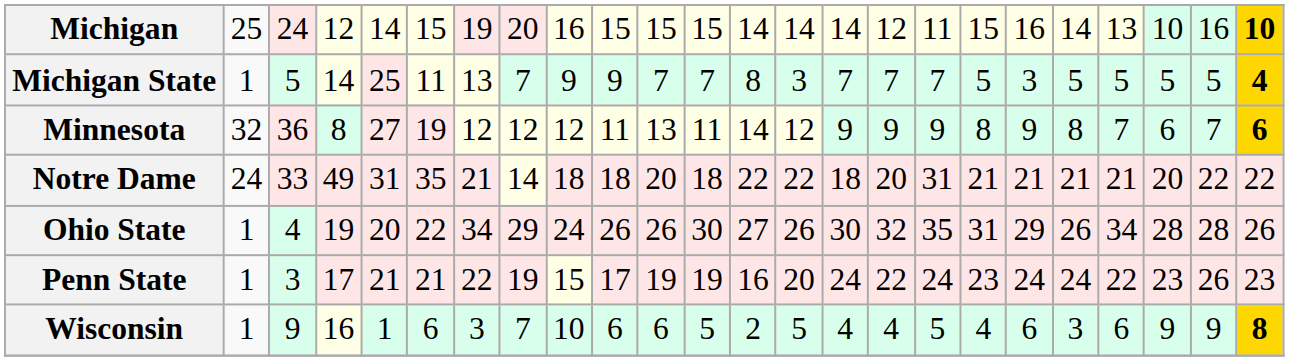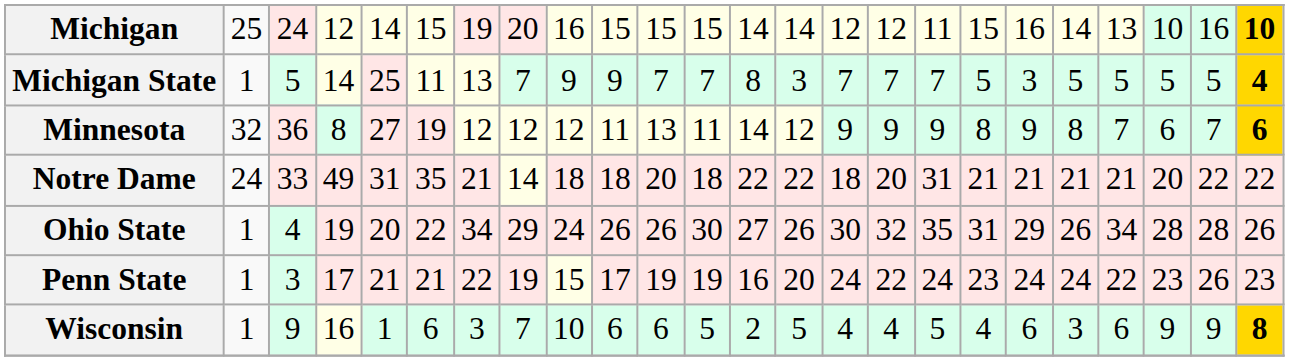 <table class="wikitable sortable" style="text-align: center;">
 <tr>
 </tr>
 <tr>
 <th>Michigan</th>
 <td>25</td>
 <td bgcolor=FFE6E6>24</td>
 <td bgcolor=FFFFE6>12</td>
 <td bgcolor=FFFFE6>14</td>
 <td bgcolor=FFFFE6>15</td>
 <td bgcolor=FFE6E6>19</td>
 <td bgcolor=FFE6E6>20</td>
 <td bgcolor=FFFFE6>16</td>
 <td bgcolor=FFFFE6>15</td>
 <td bgcolor=FFFFE6>15</td>
 <td bgcolor=FFFFE6>15</td>
 <td bgcolor=FFFFE6>14</td>
 <td bgcolor=FFFFE6>14</td>
-<td bgcolor=FFFFE6>14</td>
+<td bgcolor=FFFFE6>12</td>
 <td bgcolor=FFFFE6>12</td>
 <td bgcolor=FFFFE6>11</td>
 <td bgcolor=FFFFE6>15</td>
 <td bgcolor=FFFFE6>16</td>
 <td bgcolor=FFFFE6>14</td>
 <td bgcolor=FFFFE6>13</td>
 <td bgcolor=D8FFEB>10</td>
 <td bgcolor=D8FFEB>16</td>
 <td bgcolor=gold><strong>10</strong></td>
 </tr>
 <tr>
 <th>Michigan State</th>
 <td>1</td>
 <td bgcolor=D8FFEB>5</td>
 <td bgcolor=FFFFE6>14</td>
 <td bgcolor=FFE6E6>25</td>
 <td bgcolor=FFFFE6>11</td>
 <td bgcolor=FFFFE6>13</td>
 <td bgcolor=D8FFEB>7</td>
 <td bgcolor=D8FFEB>9</td>
 <td bgcolor=D8FFEB>9</td>
 <td bgcolor=D8FFEB>7</td>
 <td bgcolor=D8FFEB>7</td>
 <td bgcolor=D8FFEB>8</td>
 <td bgcolor=D8FFEB>3</td>
 <td bgcolor=D8FFEB>7</td>
 <td bgcolor=D8FFEB>7</td>
 <td bgcolor=D8FFEB>7</td>
 <td bgcolor=D8FFEB>5</td>
 <td bgcolor=D8FFEB>3</td>
 <td bgcolor=D8FFEB>5</td>
 <td bgcolor=D8FFEB>5</td>
 <td bgcolor=D8FFEB>5</td>
 <td bgcolor=D8FFEB>5</td>
 <td bgcolor=gold><strong>4</strong></td>
 </tr>
 <tr>
 <th>Minnesota</th>
 <td>32</td>
 <td bgcolor=FFE6E6>36</td>
 <td bgcolor=D8FFEB>8</td>
 <td bgcolor=FFE6E6>27</td>
 <td bgcolor=FFE6E6>19</td>
 <td bgcolor=FFFFE6>12</td>
 <td bgcolor=FFFFE6>12</td>
 <td bgcolor=FFFFE6>12</td>
 <td bgcolor=FFFFE6>11</td>
 <td bgcolor=FFFFE6>13</td>
 <td bgcolor=FFFFE6>11</td>
 <td bgcolor=FFFFE6>14</td>
 <td bgcolor=FFFFE6>12</td>
 <td bgcolor=D8FFEB>9</td>
 <td bgcolor=D8FFEB>9</td>
 <td bgcolor=D8FFEB>9</td>
 <td bgcolor=D8FFEB>8</td>
 <td bgcolor=D8FFEB>9</td>
 <td bgcolor=D8FFEB>8</td>
 <td bgcolor=D8FFEB>7</td>
 <td bgcolor=D8FFEB>6</td>
 <td bgcolor=D8FFEB>7</td>
 <td bgcolor=gold><strong>6</strong></td>
 </tr>
 <tr>
 <th>Notre Dame</th>
 <td>24</td>
 <td bgcolor=FFE6E6>33</td>
 <td bgcolor=FFE6E6>49</td>
 <td bgcolor=FFE6E6>31</td>
 <td bgcolor=FFE6E6>35</td>
 <td bgcolor=FFE6E6>21</td>
 <td bgcolor=FFFFE6>14</td>
 <td bgcolor=FFE6E6>18</td>
 <td bgcolor=FFE6E6>18</td>
 <td bgcolor=FFE6E6>20</td>
 <td bgcolor=FFE6E6>18</td>
 <td bgcolor=FFE6E6>22</td>
 <td bgcolor=FFE6E6>22</td>
 <td bgcolor=FFE6E6>18</td>
 <td bgcolor=FFE6E6>20</td>
 <td bgcolor=FFE6E6>31</td>
 <td bgcolor=FFE6E6>21</td>
 <td bgcolor=FFE6E6>21</td>
 <td bgcolor=FFE6E6>21</td>
 <td bgcolor=FFE6E6>21</td>
 <td bgcolor=FFE6E6>20</td>
 <td bgcolor=FFE6E6>22</td>
 <td bgcolor=FFE6E6>22</td>
 </tr>
 <tr>
 <th>Ohio State</th>
 <td>1</td>
 <td bgcolor=D8FFEB>4</td>
 <td bgcolor=FFE6E6>19</td>
 <td bgcolor=FFE6E6>20</td>
 <td bgcolor=FFE6E6>22</td>
 <td bgcolor=FFE6E6>34</td>
 <td bgcolor=FFE6E6>29</td>
 <td bgcolor=FFE6E6>24</td>
 <td bgcolor=FFE6E6>26</td>
 <td bgcolor=FFE6E6>26</td>
 <td bgcolor=FFE6E6>30</td>
 <td bgcolor=FFE6E6>27</td>
 <td bgcolor=FFE6E6>26</td>
 <td bgcolor=FFE6E6>30</td>
 <td bgcolor=FFE6E6>32</td>
 <td bgcolor=FFE6E6>35</td>
 <td bgcolor=FFE6E6>31</td>
 <td bgcolor=FFE6E6>29</td>
 <td bgcolor=FFE6E6>26</td>
 <td bgcolor=FFE6E6>34</td>
 <td bgcolor=FFE6E6>28</td>
 <td bgcolor=FFE6E6>28</td>
 <td bgcolor=FFE6E6>26</td>
 </tr>
 <tr>
 <th>Penn State</th>
 <td>1</td>
 <td bgcolor=D8FFEB>3</td>
 <td bgcolor=FFE6E6>17</td>
 <td bgcolor=FFE6E6>21</td>
 <td bgcolor=FFE6E6>21</td>
 <td bgcolor=FFE6E6>22</td>
 <td bgcolor=FFE6E6>19</td>
 <td bgcolor=FFFFE6>15</td>
 <td bgcolor=FFE6E6>17</td>
 <td bgcolor=FFE6E6>19</td>
 <td bgcolor=FFE6E6>19</td>
 <td bgcolor=FFE6E6>16</td>
 <td bgcolor=FFE6E6>20</td>
 <td bgcolor=FFE6E6>24</td>
 <td bgcolor=FFE6E6>22</td>
 <td bgcolor=FFE6E6>24</td>
 <td bgcolor=FFE6E6>23</td>
 <td bgcolor=FFE6E6>24</td>
 <td bgcolor=FFE6E6>24</td>
 <td bgcolor=FFE6E6>22</td>
 <td bgcolor=FFE6E6>23</td>
 <td bgcolor=FFE6E6>26</td>
 <td bgcolor=FFE6E6>23</td>
 </tr>
 <tr>
 <th>Wisconsin</th>
 <td>1</td>
 <td bgcolor=D8FFEB>9</td>
 <td bgcolor=FFFFE6>16</td>
 <td bgcolor=D8FFEB>1</td>
 <td bgcolor=D8FFEB>6</td>
 <td bgcolor=D8FFEB>3</td>
 <td bgcolor=D8FFEB>7</td>
 <td bgcolor=D8FFEB>10</td>
 <td bgcolor=D8FFEB>6</td>
 <td bgcolor=D8FFEB>6</td>
 <td bgcolor=D8FFEB>5</td>
 <td bgcolor=D8FFEB>2</td>
 <td bgcolor=D8FFEB>5</td>
 <td bgcolor=D8FFEB>4</td>
 <td bgcolor=D8FFEB>4</td>
 <td bgcolor=D8FFEB>5</td>
 <td bgcolor=D8FFEB>4</td>
 <td bgcolor=D8FFEB>6</td>
 <td bgcolor=D8FFEB>3</td>
 <td bgcolor=D8FFEB>6</td>
 <td bgcolor=D8FFEB>9</td>
 <td bgcolor=D8FFEB>9</td>
 <td bgcolor=gold><strong>8</strong></td>
 </tr>
 <tr>
 </tr>
 </table>
